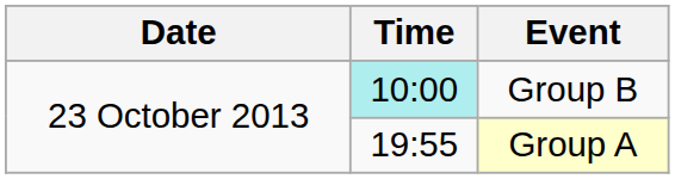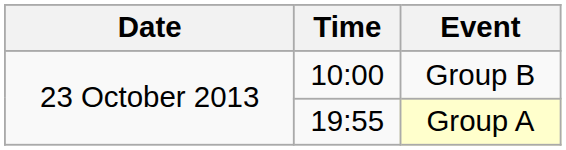 <table class = "wikitable" style="text-align:center;">
 <tr>
 <th width=150>Date</th>
 <th width=50>Time</th>
 <th width=80>Event</th>
 </tr>
 <tr>
 <td rowspan=2>23 October 2013</td>
-<td style="background: paleturquoise;">10:00</td>
+<td>10:00</td>
 <td>Group B</td>
 </tr>
 <tr>
 <td>19:55</td>
 <td bgcolor=ffffcc>Group A</td>
 </tr>
 </table>
